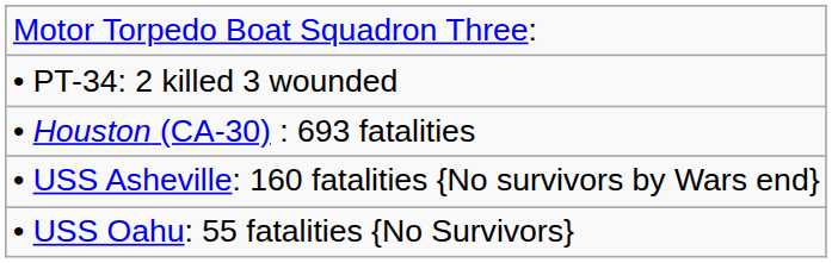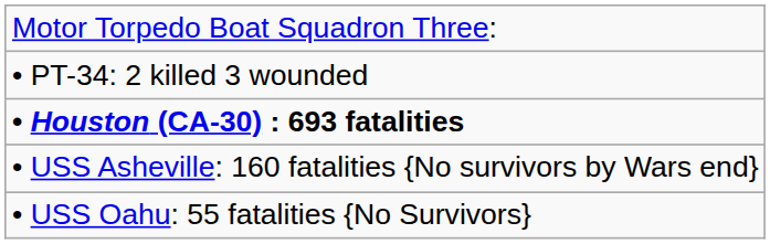 <table class="wikitable">
 <tr>
 <td><a href='#'>Motor Torpedo Boat Squadron Three</a>:</td>
 </tr>
 <tr>
 <td>• PT-34: 2 killed 3 wounded</td>
 </tr>
 <tr>
-<td>• <a href='#'><em>Houston</em> (CA-30)</a> : 693 fatalities</td>
+<td><strong>• <a href='#'><em>Houston</em> (CA-30)</a> : 693 fatalities</strong></td>
 </tr>
 <tr>
 <td>• <a href='#'>USS Asheville</a>: 160 fatalities {No survivors by Wars end}</td>
 </tr>
 <tr>
 <td>• <a href='#'>USS Oahu</a>: 55 fatalities {No Survivors}</td>
 </tr>
 </table>
